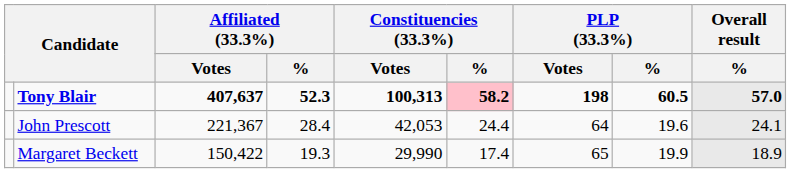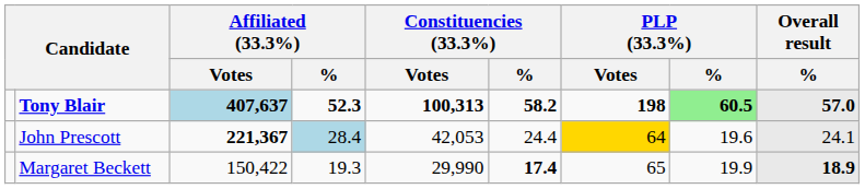 <table class="wikitable" style="font-size:95%;">
 <tr>
 <th colspan="2" scope="col" rowspan="2" width="125">Candidate</th>
 <th scope="col" colspan="2" width="150"><a href='#'>Affiliated</a><br> (33.3%)</th>
 <th scope="col" colspan="2" width="150"><a href='#'>Constituencies</a><br> (33.3%)</th>
 <th scope="col" colspan="2" width="150"><a href='#'>PLP</a><br> (33.3%)</th>
 <th scope="col" colspan="2" width="75">Overall result</th>
 </tr>
 <tr>
 <th>Votes</th>
 <th>%</th>
 <th>Votes</th>
 <th>%</th>
 <th>Votes</th>
 <th>%</th>
 <th>%</th>
 </tr>
 <tr align="right">
 <td style="background-color: "></td>
 <td scope="row" align="left"><strong><a href='#'>Tony Blair</a></strong> </td>
-<td><strong>407,637</strong></td>
+<td style="background: lightblue;"><strong>407,637</strong></td>
 <td><strong>52.3</strong></td>
 <td><strong>100,313</strong></td>
-<td style="background: pink;"><strong>58.2</strong></td>
+<td><strong>58.2</strong></td>
 <td><strong>198</strong></td>
-<td><strong>60.5</strong></td>
+<td style="background: lightgreen;"><strong>60.5</strong></td>
 <td style="background:#e9e9e9;"><strong>57.0</strong></td>
 </tr>
 <tr align="right">
 <td style="background-color: "></td>
 <td scope="row" align="left"><a href='#'>John Prescott</a></td>
-<td>221,367</td>
-<td>28.4</td>
+<td><strong>221,367</strong></td>
+<td style="background: lightblue;">28.4</td>
 <td>42,053</td>
 <td>24.4</td>
-<td>64</td>
+<td style="background: gold;">64</td>
 <td>19.6</td>
 <td style="background:#e9e9e9;">24.1</td>
 </tr>
 <tr align="right">
 <td style="background-color: "></td>
 <td scope="row" align="left"><a href='#'>Margaret Beckett</a></td>
 <td>150,422</td>
 <td>19.3</td>
 <td>29,990</td>
-<td>17.4</td>
+<td><strong>17.4</strong></td>
 <td>65</td>
 <td>19.9</td>
-<td style="background:#e9e9e9;">18.9</td>
+<td style="background:#e9e9e9;"><strong>18.9</strong></td>
 </tr>
 </table>
